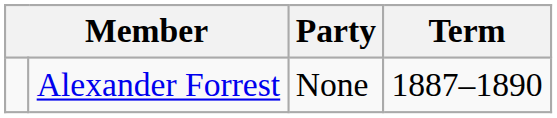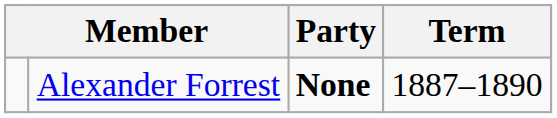 <table class="wikitable">
 <tr>
 <th colspan="2">Member</th>
 <th>Party</th>
 <th>Term</th>
 </tr>
 <tr>
 <td> </td>
 <td><a href='#'>Alexander Forrest</a></td>
-<td>None</td>
+<td><strong>None</strong></td>
 <td>1887–1890</td>
 </tr>
 </table>
